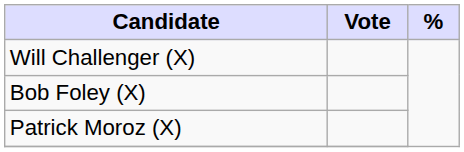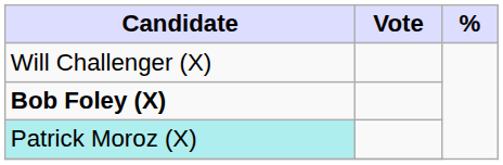 <table class="wikitable">
 <tr>
 <th style="background:#ddf; width:225px;">Candidate</th>
 <th style="background:#ddf; width:50px;">Vote</th>
 <th style="background:#ddf; width:30px;">%</th>
 </tr>
 <tr>
 <td>Will Challenger (X)</td>
 <td></td>
 </tr>
 <tr>
-<td>Bob Foley (X)</td>
+<td><strong>Bob Foley (X)</strong></td>
 <td></td>
 </tr>
 <tr>
-<td>Patrick Moroz (X)</td>
+<td style="background: paleturquoise;">Patrick Moroz (X)</td>
 <td></td>
 </tr>
 <tr>
 </tr>
 </table>
